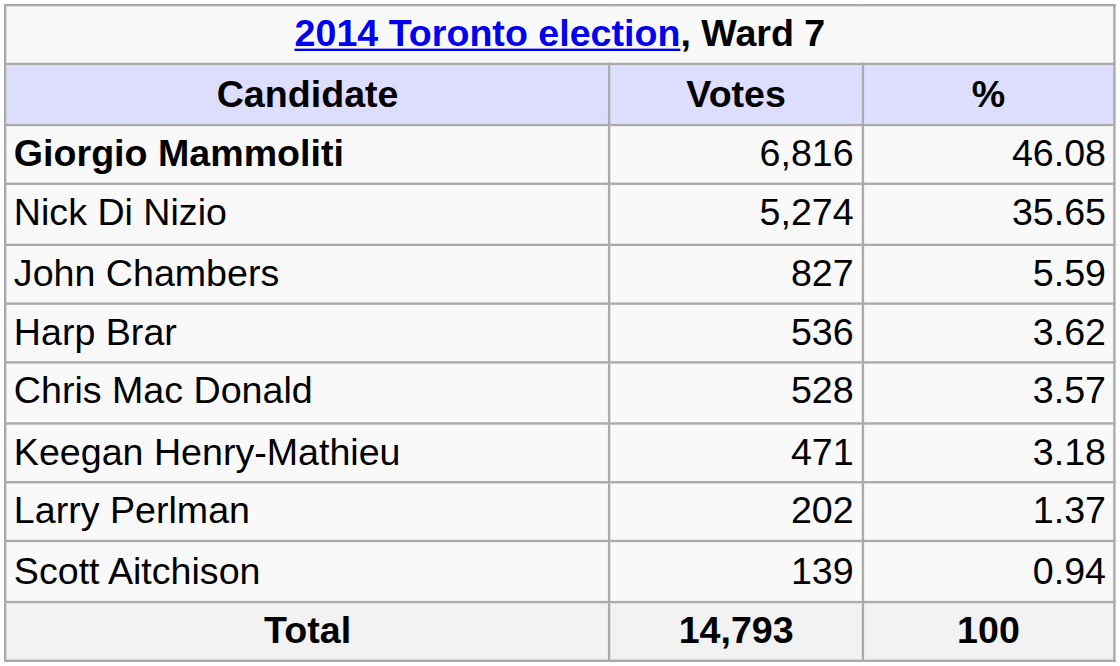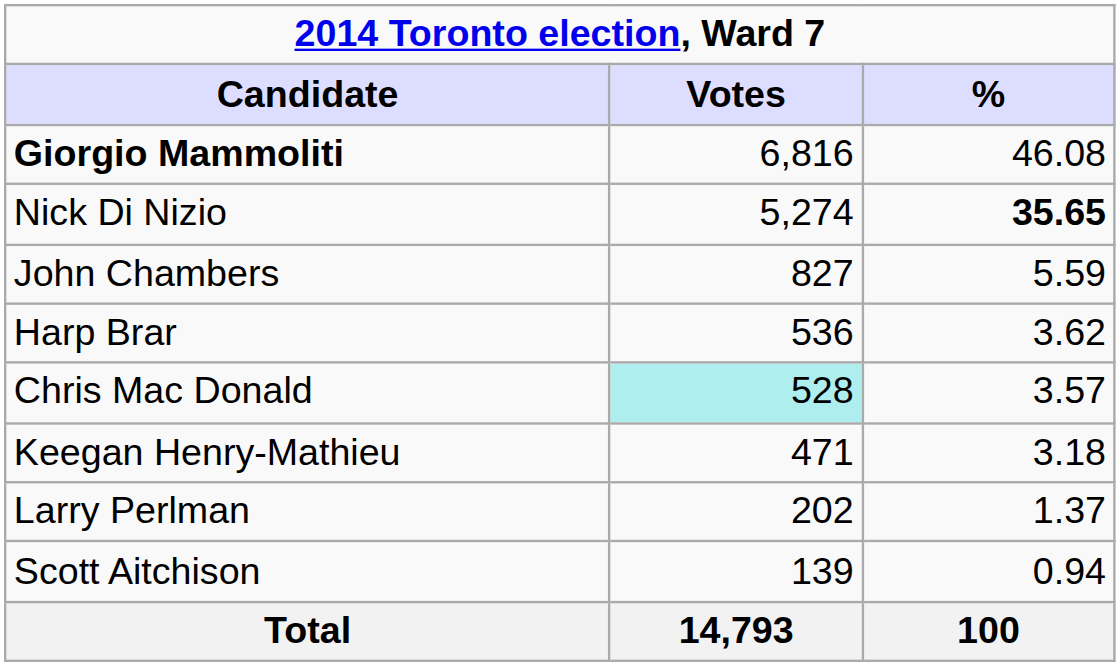 <table class="wikitable">
 <tr>
 <td colspan="3" style="text-align:center;"><strong><a href='#'>2014 Toronto election</a>, Ward 7</strong></td>
 </tr>
 <tr>
 <th style="background:#ddf; width:250px;">Candidate</th>
 <th style="background:#ddf; width:100px;">Votes</th>
 <th style="background:#ddf; width:100px;">%</th>
 </tr>
 <tr>
 <td><strong>Giorgio Mammoliti</strong></td>
 <td align="right">6,816</td>
 <td align="right">46.08</td>
 </tr>
 <tr>
 <td>Nick Di Nizio</td>
 <td align="right">5,274</td>
-<td align="right">35.65</td>
+<td align="right"><strong>35.65</strong></td>
 </tr>
 <tr>
 <td>John Chambers</td>
 <td align="right">827</td>
 <td align="right">5.59</td>
 </tr>
 <tr>
 <td>Harp Brar</td>
 <td align="right">536</td>
 <td align="right">3.62</td>
 </tr>
 <tr>
 <td>Chris Mac Donald</td>
-<td align="right">528</td>
+<td align="right" style="background: paleturquoise;">528</td>
 <td align="right">3.57</td>
 </tr>
 <tr>
 <td>Keegan Henry-Mathieu</td>
 <td align="right">471</td>
 <td align="right">3.18</td>
 </tr>
 <tr>
 <td>Larry Perlman</td>
 <td align="right">202</td>
 <td align="right">1.37</td>
 </tr>
 <tr>
 <td>Scott Aitchison</td>
 <td align="right">139</td>
 <td align="right">0.94</td>
 </tr>
 <tr>
 <th>Total</th>
 <th align="right">14,793</th>
 <th align="right">100</th>
 </tr>
 </table>
